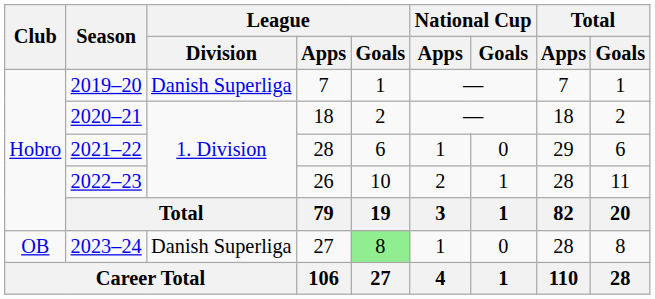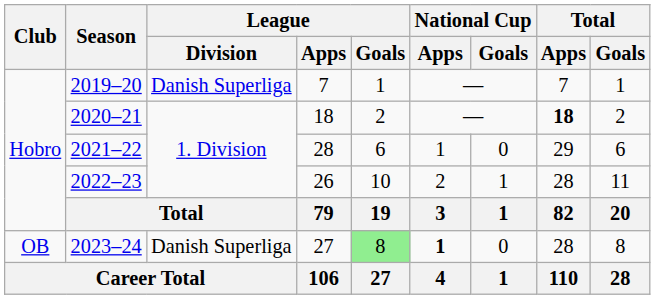 <table class="wikitable" style="text-align:center">
 <tr>
 <th rowspan="2">Club</th>
 <th rowspan="2">Season</th>
 <th colspan="3">League</th>
 <th colspan="2">National Cup</th>
 <th colspan="2">Total</th>
 </tr>
 <tr>
 <th>Division</th>
 <th>Apps</th>
 <th>Goals</th>
 <th>Apps</th>
 <th>Goals</th>
 <th>Apps</th>
 <th>Goals</th>
 </tr>
 <tr>
 <td rowspan="5"><a href='#'>Hobro</a></td>
 <td><a href='#'>2019–20</a></td>
 <td><a href='#'>Danish Superliga</a></td>
 <td>7</td>
 <td>1</td>
 <td colspan="2">—</td>
 <td>7</td>
 <td>1</td>
 </tr>
 <tr>
 <td><a href='#'>2020–21</a></td>
 <td rowspan="3"><a href='#'>1. Division</a></td>
 <td>18</td>
 <td>2</td>
 <td colspan="2">—</td>
-<td>18</td>
+<td><strong>18</strong></td>
 <td>2</td>
 </tr>
 <tr>
 <td><a href='#'>2021–22</a></td>
 <td>28</td>
 <td>6</td>
 <td>1</td>
 <td>0</td>
 <td>29</td>
 <td>6</td>
 </tr>
 <tr>
 <td><a href='#'>2022–23</a></td>
 <td>26</td>
 <td>10</td>
 <td>2</td>
 <td>1</td>
 <td>28</td>
 <td>11</td>
 </tr>
 <tr>
 <th colspan="2">Total</th>
 <th>79</th>
 <th>19</th>
 <th>3</th>
 <th>1</th>
 <th>82</th>
 <th>20</th>
 </tr>
 <tr>
 <td><a href='#'>OB</a></td>
 <td><a href='#'>2023–24</a></td>
 <td>Danish Superliga</td>
 <td>27</td>
 <td style="background: lightgreen;">8</td>
-<td>1</td>
+<td><strong>1</strong></td>
 <td>0</td>
 <td>28</td>
 <td>8</td>
 </tr>
 <tr>
 <th colspan="3">Career Total</th>
 <th>106</th>
 <th>27</th>
 <th>4</th>
 <th>1</th>
 <th>110</th>
 <th>28</th>
 </tr>
 </table>
